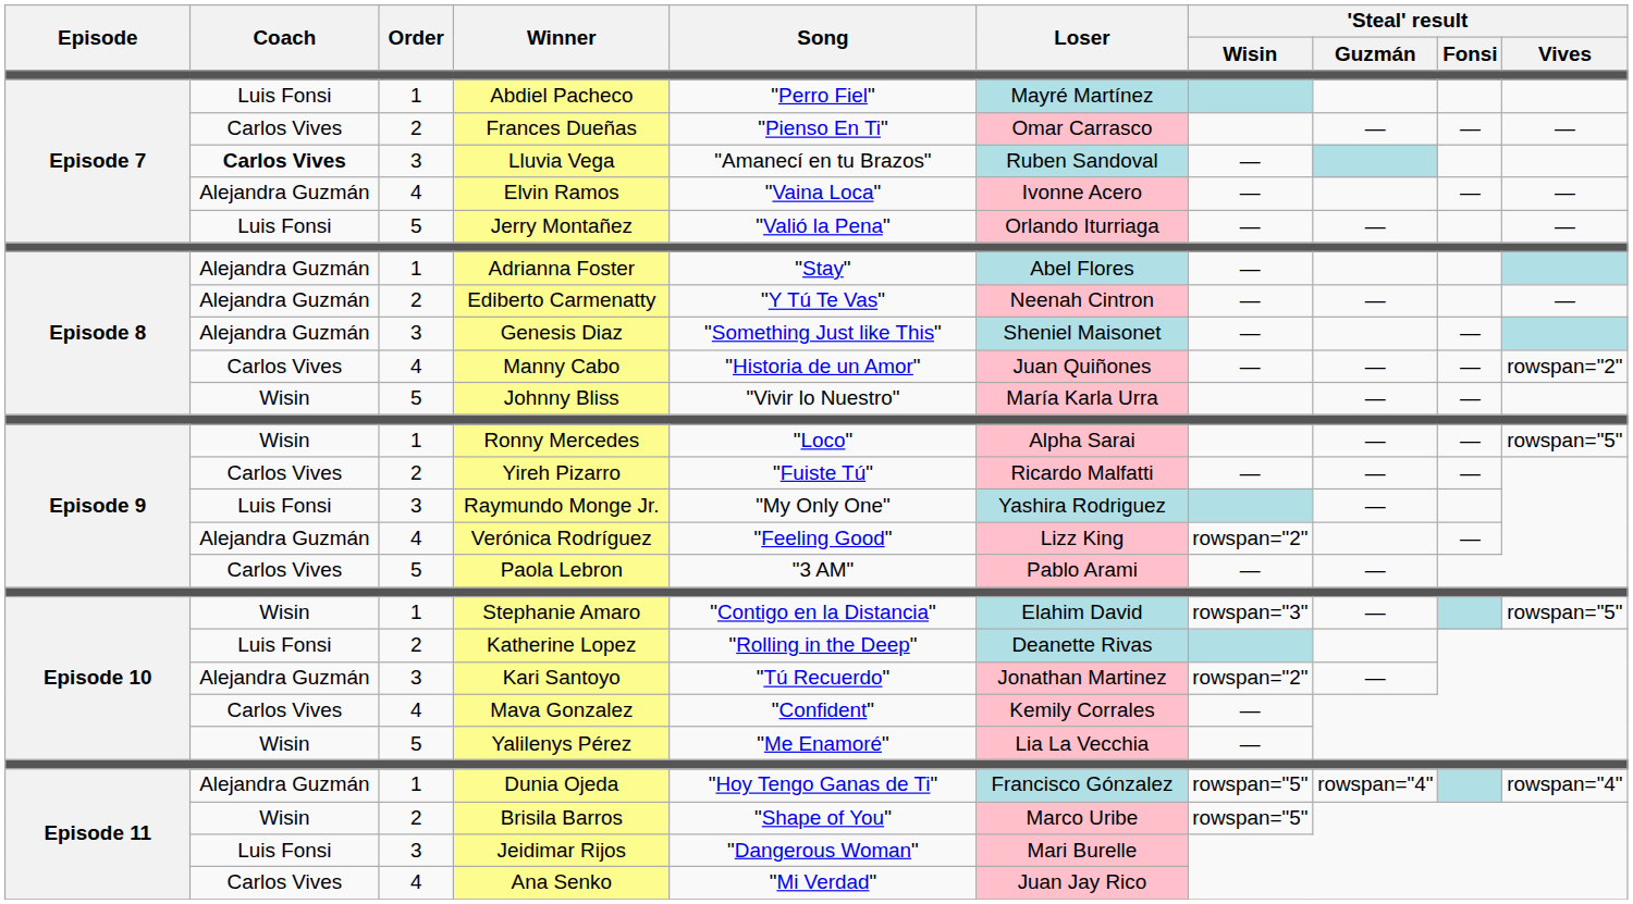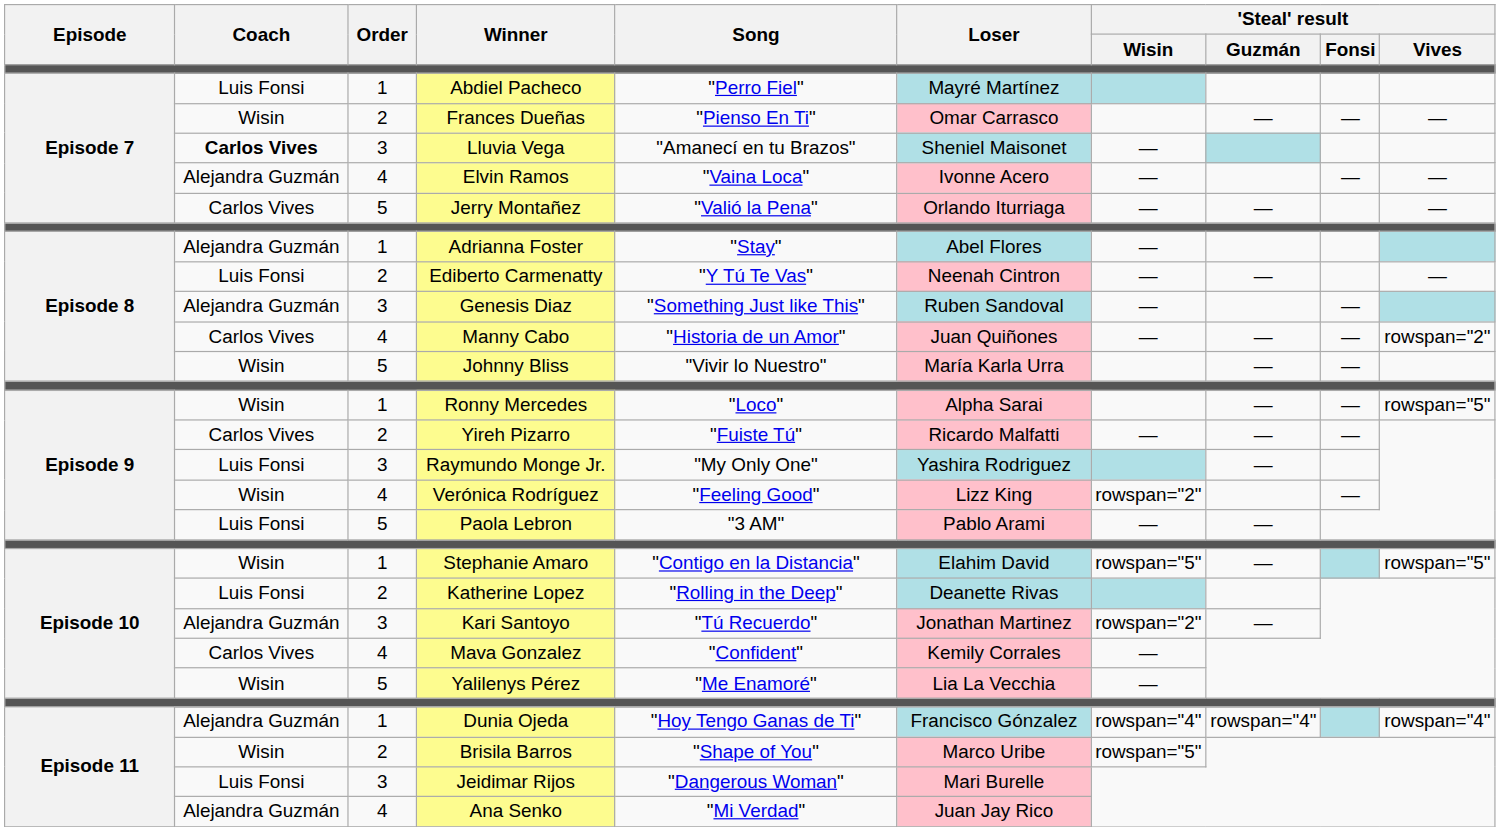 <table class="wikitable" style="text-align: center; width:100%;">
 <tr>
 <th rowspan="2" style="width:15%;">Episode</th>
 <th rowspan="2" style="width:15%;">Coach</th>
 <th rowspan="2" style="width:05%;">Order</th>
 <th rowspan="2" style="width:17%;">Winner</th>
 <th rowspan="2" style="width:26%;">Song</th>
 <th rowspan="2" style="width:17%;">Loser</th>
 <th colspan="4" style="width:20%;">'Steal' result</th>
 </tr>
 <tr>
 <th style="width:05%;">Wisin</th>
 <th style="width:05%;">Guzmán</th>
 <th style="width:05%;">Fonsi</th>
 <th style="width:05%;">Vives</th>
 </tr>
 <tr>
 <td colspan="10" style="background:#555;"></td>
 </tr>
 <tr>
 <th rowspan="5">Episode 7<br><small></small></th>
 <td>Luis Fonsi</td>
 <td>1</td>
 <td style="background:#fdfc8f;">Abdiel Pacheco</td>
 <td>"<a href='#'>Perro Fiel</a>"</td>
 <td style="background:#b0e0e6;">Mayré Martínez</td>
 <td style="background:#b0e0e6;"><strong></strong></td>
 <td><strong></strong></td>
 <td></td>
 <td><strong></strong></td>
 </tr>
 <tr>
-<td>Carlos Vives</td>
+<td>Wisin</td>
 <td>2</td>
 <td style="background:#fdfc8f;">Frances Dueñas</td>
 <td>"<a href='#'>Pienso En Ti</a>"</td>
 <td style="background:pink;">Omar Carrasco</td>
 <td></td>
 <td>—</td>
 <td>—</td>
 <td>—</td>
 </tr>
 <tr>
 <td><strong>Carlos Vives</strong></td>
 <td>3</td>
 <td style="background:#fdfc8f;">Lluvia Vega</td>
 <td>"Amanecí en tu Brazos"</td>
-<td style="background:#b0e0e6;">Ruben Sandoval</td>
+<td style="background:#b0e0e6">Sheniel Maisonet</td>
 <td>—</td>
 <td style="background:#b0e0e6;"><strong></strong></td>
 <td><strong></strong></td>
 <td></td>
 </tr>
 <tr>
 <td>Alejandra Guzmán</td>
 <td>4</td>
 <td style="background:#fdfc8f;">Elvin Ramos</td>
 <td>"<a href='#'>Vaina Loca</a>"</td>
 <td style="background:pink;">Ivonne Acero</td>
 <td>—</td>
 <td></td>
 <td>—</td>
 <td>—</td>
 </tr>
 <tr>
-<td>Luis Fonsi</td>
+<td>Carlos Vives</td>
 <td>5</td>
 <td style="background:#fdfc8f;">Jerry Montañez</td>
 <td>"<a href='#'>Valió la Pena</a>"</td>
 <td style="background:pink;">Orlando Iturriaga</td>
 <td>—</td>
 <td>—</td>
 <td></td>
 <td>—</td>
 </tr>
 <tr>
 <th colspan="10" style="background:#555;"></th>
 </tr>
 <tr>
 <th rowspan="5">Episode 8<br><small></small></th>
 <td>Alejandra Guzmán</td>
 <td>1</td>
 <td style="background:#fdfc8f;">Adrianna Foster</td>
 <td>"<a href='#'>Stay</a>"</td>
 <td style="background:#b0e0e6;">Abel Flores</td>
 <td>—</td>
 <td></td>
 <td><strong></strong></td>
 <td style="background:#b0e0e6;"><strong></strong></td>
 </tr>
 <tr>
-<td>Alejandra Guzmán</td>
+<td>Luis Fonsi</td>
 <td>2</td>
 <td style="background:#fdfc8f;">Ediberto Carmenatty</td>
 <td>"<a href='#'>Y Tú Te Vas</a>"</td>
 <td style="background:pink;">Neenah Cintron</td>
 <td>—</td>
 <td>—</td>
 <td></td>
 <td>—</td>
 </tr>
 <tr>
 <td>Alejandra Guzmán</td>
 <td>3</td>
 <td style="background:#fdfc8f;">Genesis Diaz</td>
 <td>"<a href='#'>Something Just like This</a>"</td>
-<td style="background:#b0e0e6">Sheniel Maisonet</td>
+<td style="background:#b0e0e6;">Ruben Sandoval</td>
 <td>—</td>
 <td></td>
 <td>—</td>
 <td style="background:#b0e0e6;"><strong></strong></td>
 </tr>
 <tr>
 <td>Carlos Vives</td>
 <td>4</td>
 <td style="background:#fdfc8f;">Manny Cabo</td>
 <td>"<a href='#'>Historia de un Amor</a>"</td>
 <td style="background:pink;">Juan Quiñones</td>
 <td>—</td>
 <td>—</td>
 <td>—</td>
 <td>rowspan="2" </td>
 </tr>
 <tr>
 <td>Wisin</td>
 <td>5</td>
 <td style="background:#fdfc8f;">Johnny Bliss</td>
 <td>"Vivir lo Nuestro"</td>
 <td style="background:pink;">María Karla Urra</td>
 <td></td>
 <td>—</td>
 <td>—</td>
 </tr>
 <tr>
 <th colspan="10" style="background:#555;"></th>
 </tr>
 <tr>
 <th rowspan="5">Episode 9<br><small></small></th>
 <td>Wisin</td>
 <td>1</td>
 <td style="background:#fdfc8f;">Ronny Mercedes</td>
 <td>"<a href='#'>Loco</a>"</td>
 <td style="background:pink;">Alpha Sarai</td>
 <td></td>
 <td>—</td>
 <td>—</td>
 <td>rowspan="5" </td>
 </tr>
 <tr>
 <td>Carlos Vives</td>
 <td>2</td>
 <td style="background:#fdfc8f;">Yireh Pizarro</td>
 <td>"<a href='#'>Fuiste Tú</a>"</td>
 <td style="background:pink;">Ricardo Malfatti</td>
 <td>—</td>
 <td>—</td>
 <td>—</td>
 </tr>
 <tr>
 <td>Luis Fonsi</td>
 <td>3</td>
 <td style="background:#fdfc8f;">Raymundo Monge Jr.</td>
 <td>"My Only One"</td>
 <td style="background:#b0e0e6">Yashira Rodriguez</td>
 <td style="background:#b0e0e6;"><strong></strong></td>
 <td>—</td>
 <td></td>
 </tr>
 <tr>
-<td>Alejandra Guzmán</td>
+<td>Wisin</td>
 <td>4</td>
 <td style="background:#fdfc8f;">Verónica Rodríguez</td>
 <td>"<a href='#'>Feeling Good</a>"</td>
 <td style="background:pink;">Lizz King</td>
 <td>rowspan="2" </td>
 <td></td>
 <td>—</td>
 </tr>
 <tr>
-<td>Carlos Vives</td>
+<td>Luis Fonsi</td>
 <td>5</td>
 <td style="background:#fdfc8f;">Paola Lebron</td>
 <td>"3 AM"</td>
 <td style="background:pink;">Pablo Arami</td>
 <td>—</td>
 <td>—</td>
 </tr>
 <tr>
 <th colspan="10" style="background:#555;"></th>
 </tr>
 <tr>
 <th rowspan="5">Episode 10<br><small></small></th>
 <td>Wisin</td>
 <td>1</td>
 <td style="background:#fdfc8f;">Stephanie Amaro</td>
 <td>"<a href='#'>Contigo en la Distancia</a>"</td>
 <td style="background:#b0e0e6;">Elahim David</td>
-<td>rowspan="3" </td>
+<td>rowspan="5" </td>
 <td>—</td>
 <td style="background:#b0e0e6;"><strong></strong></td>
 <td>rowspan="5" </td>
 </tr>
 <tr>
 <td>Luis Fonsi</td>
 <td>2</td>
 <td style="background:#fdfc8f;">Katherine Lopez</td>
 <td>"<a href='#'>Rolling in the Deep</a>"</td>
 <td style="background:#b0e0e6;">Deanette Rivas</td>
 <td style="background:#b0e0e6;"><strong></strong></td>
 <td></td>
 </tr>
 <tr>
 <td>Alejandra Guzmán</td>
 <td>3</td>
 <td style="background:#fdfc8f;">Kari Santoyo</td>
 <td>"<a href='#'>Tú Recuerdo</a>"</td>
 <td style="background:pink">Jonathan Martinez</td>
 <td>rowspan="2" </td>
 <td>—</td>
 </tr>
 <tr>
 <td>Carlos Vives</td>
 <td>4</td>
 <td style="background:#fdfc8f;">Mava Gonzalez</td>
 <td>"<a href='#'>Confident</a>"</td>
 <td style="background:pink;">Kemily Corrales</td>
 <td>—</td>
 </tr>
 <tr>
 <td>Wisin</td>
 <td>5</td>
 <td style="background:#fdfc8f;">Yalilenys Pérez</td>
 <td>"<a href='#'>Me Enamoré</a>"</td>
 <td style="background:pink;">Lia La Vecchia</td>
 <td>—</td>
 </tr>
 <tr>
 <th colspan="10" style="background:#555;"></th>
 </tr>
 <tr>
 <th rowspan="5">Episode 11<br><small></small></th>
 </tr>
 <tr>
 <td>Alejandra Guzmán</td>
 <td>1</td>
 <td style="background:#fdfc8f;">Dunia Ojeda</td>
 <td>"<a href='#'>Hoy Tengo Ganas de Ti</a>"</td>
 <td style="background:#b0e0e6;">Francisco Gónzalez</td>
-<td>rowspan="5" </td>
+<td>rowspan="4" </td>
 <td>rowspan="4" </td>
 <td style="background:#b0e0e6;"><strong></strong></td>
 <td>rowspan="4" </td>
 </tr>
 <tr>
 <td>Wisin</td>
 <td>2</td>
 <td style="background:#fdfc8f;">Brisila Barros</td>
 <td>"<a href='#'>Shape of You</a>"</td>
 <td style="background:pink;">Marco Uribe</td>
 <td>rowspan="5" </td>
 </tr>
 <tr>
 <td>Luis Fonsi</td>
 <td>3</td>
 <td style="background:#fdfc8f;">Jeidimar Rijos</td>
 <td>"<a href='#'>Dangerous Woman</a>"</td>
 <td style="background:pink;">Mari Burelle</td>
 </tr>
 <tr>
-<td>Carlos Vives</td>
+<td>Alejandra Guzmán</td>
 <td>4</td>
 <td style="background:#fdfc8f;">Ana Senko</td>
 <td>"<a href='#'>Mi Verdad</a>"</td>
 <td style="background:pink;">Juan Jay Rico</td>
 </tr>
 <tr>
 </tr>
 </table>
